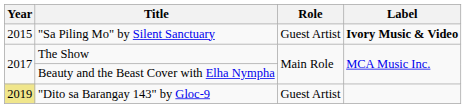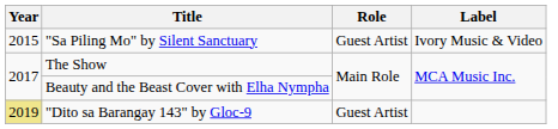 <table class="wikitable">
 <tr>
 <th>Year</th>
 <th>Title</th>
 <th>Role</th>
 <th>Label</th>
 </tr>
 <tr>
 <td>2015</td>
 <td>"Sa Piling Mo" by <a href='#'>Silent Sanctuary</a></td>
 <td>Guest Artist</td>
-<td><strong>Ivory Music & Video</strong></td>
+<td>Ivory Music & Video</td>
 </tr>
 <tr>
 <td rowspan="2">2017</td>
 <td>The Show</td>
 <td rowspan="2">Main Role</td>
 <td rowspan="2"><a href='#'>MCA Music Inc.</a></td>
 </tr>
 <tr>
 <td>Beauty and the Beast Cover with <a href='#'>Elha Nympha</a></td>
 </tr>
 <tr>
 <td style="background: khaki;">2019</td>
 <td>"Dito sa Barangay 143" by <a href='#'>Gloc-9</a></td>
 <td>Guest Artist</td>
 <td></td>
 </tr>
 </table>
